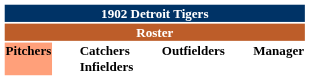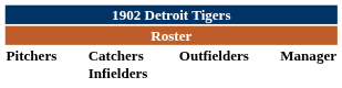 <table class="toccolours" style="font-size: 95%;">
 <tr>
 <th colspan="10" style="background-color: #003366; color: white; text-align: center;">1902 Detroit Tigers</th>
 </tr>
 <tr>
 <td colspan="10" style="background-color: #bd5d29; color: white; text-align: center;"><strong>Roster</strong></td>
 </tr>
 <tr>
-<td valign="top" style="background: lightsalmon;"><strong>Pitchers</strong><br>           </td>
+<td valign="top"><strong>Pitchers</strong><br>           </td>
 <td width="25px"></td>
 <td valign="top"><strong>Catchers</strong><br>  <strong>Infielders</strong>       </td>
 <td width="25px"></td>
 <td valign="top"><strong>Outfielders</strong><br>      </td>
 <td width="25px"></td>
 <td valign="top"><strong>Manager</strong><br></td>
 </tr>
 </table>
